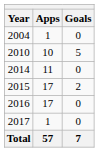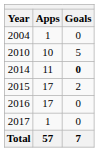 <table class="wikitable" style="text-align:center">
 <tr>
 <th colspan=3></th>
 </tr>
 <tr>
 <th>Year</th>
 <th>Apps</th>
 <th>Goals</th>
 </tr>
 <tr>
 <td>2004</td>
 <td>1</td>
 <td>0</td>
 </tr>
 <tr>
 <td>2010</td>
 <td>10</td>
 <td>5</td>
 </tr>
 <tr>
 <td>2014</td>
 <td>11</td>
-<td>0</td>
+<td><strong>0</strong></td>
 </tr>
 <tr>
 <td>2015</td>
 <td>17</td>
 <td>2</td>
 </tr>
 <tr>
 <td>2016</td>
 <td>17</td>
 <td>0</td>
 </tr>
 <tr>
 <td>2017</td>
 <td>1</td>
 <td>0</td>
 </tr>
 <tr>
 <th>Total</th>
 <th>57</th>
 <th>7</th>
 </tr>
 </table>
